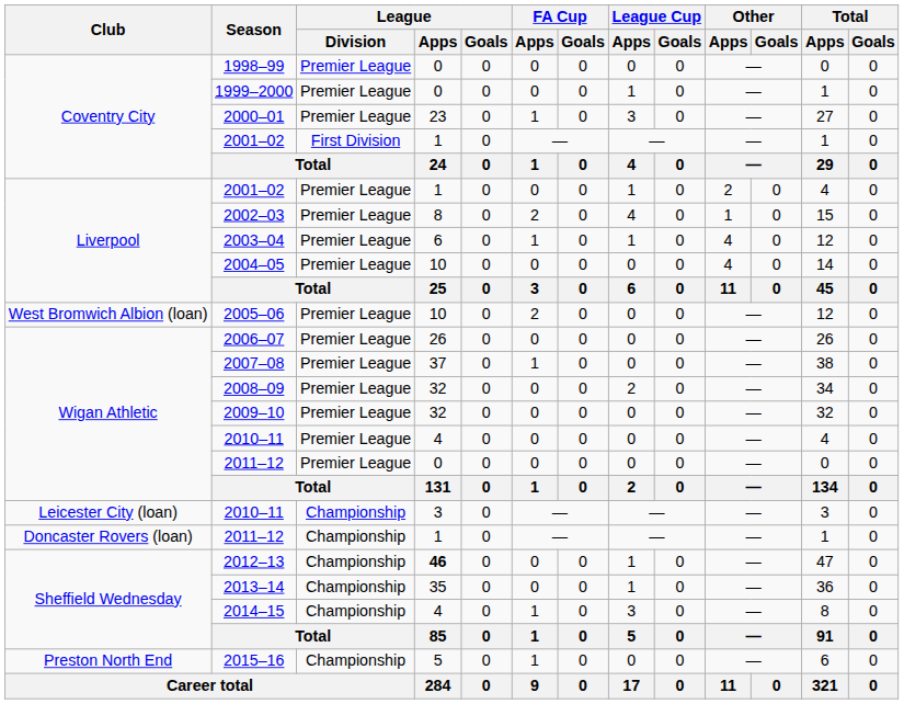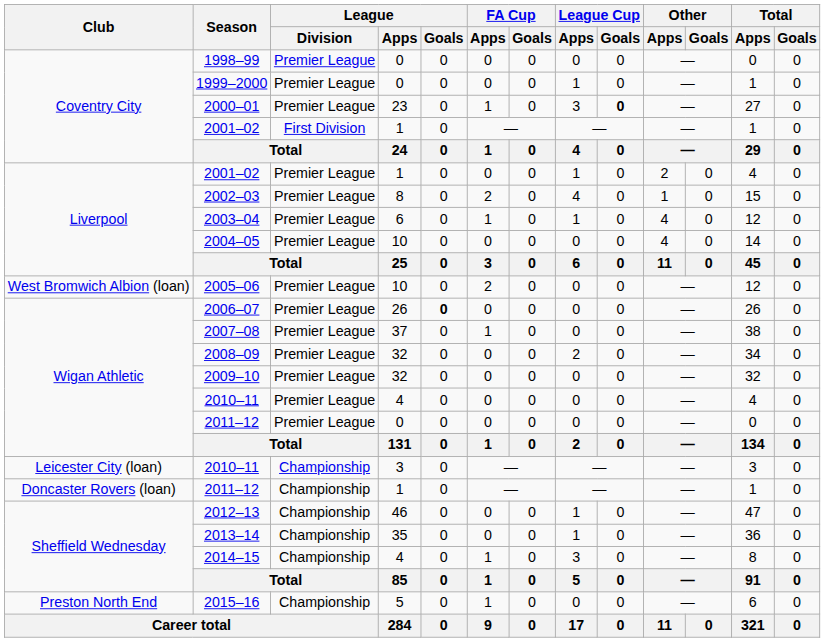 <table class=wikitable style="text-align: center;">
 <tr>
 <th rowspan=2>Club</th>
 <th rowspan=2>Season</th>
 <th colspan=3>League</th>
 <th colspan=2><a href='#'>FA Cup</a></th>
 <th colspan=2><a href='#'>League Cup</a></th>
 <th colspan=2>Other</th>
 <th colspan=2>Total</th>
 </tr>
 <tr>
 <th>Division</th>
 <th>Apps</th>
 <th>Goals</th>
 <th>Apps</th>
 <th>Goals</th>
 <th>Apps</th>
 <th>Goals</th>
 <th>Apps</th>
 <th>Goals</th>
 <th>Apps</th>
 <th>Goals</th>
 </tr>
 <tr>
 <td rowspan=5><a href='#'>Coventry City</a></td>
 <td><a href='#'>1998–99</a></td>
 <td><a href='#'>Premier League</a></td>
 <td>0</td>
 <td>0</td>
 <td>0</td>
 <td>0</td>
 <td>0</td>
 <td>0</td>
 <td colspan=2>—</td>
 <td>0</td>
 <td>0</td>
 </tr>
 <tr>
 <td><a href='#'>1999–2000</a></td>
 <td>Premier League</td>
 <td>0</td>
 <td>0</td>
 <td>0</td>
 <td>0</td>
 <td>1</td>
 <td>0</td>
 <td colspan=2>—</td>
 <td>1</td>
 <td>0</td>
 </tr>
 <tr>
 <td><a href='#'>2000–01</a></td>
 <td>Premier League</td>
 <td>23</td>
 <td>0</td>
 <td>1</td>
 <td>0</td>
 <td>3</td>
-<td>0</td>
+<td><strong>0</strong></td>
 <td colspan=2>—</td>
 <td>27</td>
 <td>0</td>
 </tr>
 <tr>
 <td><a href='#'>2001–02</a></td>
 <td><a href='#'>First Division</a></td>
 <td>1</td>
 <td>0</td>
 <td colspan=2>—</td>
 <td colspan=2>—</td>
 <td colspan=2>—</td>
 <td>1</td>
 <td>0</td>
 </tr>
 <tr>
 <th colspan=2>Total</th>
 <th>24</th>
 <th>0</th>
 <th>1</th>
 <th>0</th>
 <th>4</th>
 <th>0</th>
 <th colspan=2>—</th>
 <th>29</th>
 <th>0</th>
 </tr>
 <tr>
 <td rowspan=5><a href='#'>Liverpool</a></td>
 <td><a href='#'>2001–02</a></td>
 <td>Premier League</td>
 <td>1</td>
 <td>0</td>
 <td>0</td>
 <td>0</td>
 <td>1</td>
 <td>0</td>
 <td>2</td>
 <td>0</td>
 <td>4</td>
 <td>0</td>
 </tr>
 <tr>
 <td><a href='#'>2002–03</a></td>
 <td>Premier League</td>
 <td>8</td>
 <td>0</td>
 <td>2</td>
 <td>0</td>
 <td>4</td>
 <td>0</td>
 <td>1</td>
 <td>0</td>
 <td>15</td>
 <td>0</td>
 </tr>
 <tr>
 <td><a href='#'>2003–04</a></td>
 <td>Premier League</td>
 <td>6</td>
 <td>0</td>
 <td>1</td>
 <td>0</td>
 <td>1</td>
 <td>0</td>
 <td>4</td>
 <td>0</td>
 <td>12</td>
 <td>0</td>
 </tr>
 <tr>
 <td><a href='#'>2004–05</a></td>
 <td>Premier League</td>
 <td>10</td>
 <td>0</td>
 <td>0</td>
 <td>0</td>
 <td>0</td>
 <td>0</td>
 <td>4</td>
 <td>0</td>
 <td>14</td>
 <td>0</td>
 </tr>
 <tr>
 <th colspan=2>Total</th>
 <th>25</th>
 <th>0</th>
 <th>3</th>
 <th>0</th>
 <th>6</th>
 <th>0</th>
 <th>11</th>
 <th>0</th>
 <th>45</th>
 <th>0</th>
 </tr>
 <tr>
 <td><a href='#'>West Bromwich Albion</a> (loan)</td>
 <td><a href='#'>2005–06</a></td>
 <td>Premier League</td>
 <td>10</td>
 <td>0</td>
 <td>2</td>
 <td>0</td>
 <td>0</td>
 <td>0</td>
 <td colspan=2>—</td>
 <td>12</td>
 <td>0</td>
 </tr>
 <tr>
 <td rowspan=7><a href='#'>Wigan Athletic</a></td>
 <td><a href='#'>2006–07</a></td>
 <td>Premier League</td>
 <td>26</td>
-<td>0</td>
+<td><strong>0</strong></td>
 <td>0</td>
 <td>0</td>
 <td>0</td>
 <td>0</td>
 <td colspan=2>—</td>
 <td>26</td>
 <td>0</td>
 </tr>
 <tr>
 <td><a href='#'>2007–08</a></td>
 <td>Premier League</td>
 <td>37</td>
 <td>0</td>
 <td>1</td>
 <td>0</td>
 <td>0</td>
 <td>0</td>
 <td colspan=2>—</td>
 <td>38</td>
 <td>0</td>
 </tr>
 <tr>
 <td><a href='#'>2008–09</a></td>
 <td>Premier League</td>
 <td>32</td>
 <td>0</td>
 <td>0</td>
 <td>0</td>
 <td>2</td>
 <td>0</td>
 <td colspan=2>—</td>
 <td>34</td>
 <td>0</td>
 </tr>
 <tr>
 <td><a href='#'>2009–10</a></td>
 <td>Premier League</td>
 <td>32</td>
 <td>0</td>
 <td>0</td>
 <td>0</td>
 <td>0</td>
 <td>0</td>
 <td colspan=2>—</td>
 <td>32</td>
 <td>0</td>
 </tr>
 <tr>
 <td><a href='#'>2010–11</a></td>
 <td>Premier League</td>
 <td>4</td>
 <td>0</td>
 <td>0</td>
 <td>0</td>
 <td>0</td>
 <td>0</td>
 <td colspan=2>—</td>
 <td>4</td>
 <td>0</td>
 </tr>
 <tr>
 <td><a href='#'>2011–12</a></td>
 <td>Premier League</td>
 <td>0</td>
 <td>0</td>
 <td>0</td>
 <td>0</td>
 <td>0</td>
 <td>0</td>
 <td colspan=2>—</td>
 <td>0</td>
 <td>0</td>
 </tr>
 <tr>
 <th colspan=2>Total</th>
 <th>131</th>
 <th>0</th>
 <th>1</th>
 <th>0</th>
 <th>2</th>
 <th>0</th>
 <th colspan=2>—</th>
 <th>134</th>
 <th>0</th>
 </tr>
 <tr>
 <td><a href='#'>Leicester City</a> (loan)</td>
 <td><a href='#'>2010–11</a></td>
 <td><a href='#'>Championship</a></td>
 <td>3</td>
 <td>0</td>
 <td colspan=2>—</td>
 <td colspan=2>—</td>
 <td colspan=2>—</td>
 <td>3</td>
 <td>0</td>
 </tr>
 <tr>
 <td><a href='#'>Doncaster Rovers</a> (loan)</td>
 <td><a href='#'>2011–12</a></td>
 <td>Championship</td>
 <td>1</td>
 <td>0</td>
 <td colspan=2>—</td>
 <td colspan=2>—</td>
 <td colspan=2>—</td>
 <td>1</td>
 <td>0</td>
 </tr>
 <tr>
 <td rowspan=4><a href='#'>Sheffield Wednesday</a></td>
 <td><a href='#'>2012–13</a></td>
 <td>Championship</td>
-<td><strong>46</strong></td>
+<td>46</td>
 <td>0</td>
 <td>0</td>
 <td>0</td>
 <td>1</td>
 <td>0</td>
 <td colspan=2>—</td>
 <td>47</td>
 <td>0</td>
 </tr>
 <tr>
 <td><a href='#'>2013–14</a></td>
 <td>Championship</td>
 <td>35</td>
 <td>0</td>
 <td>0</td>
 <td>0</td>
 <td>1</td>
 <td>0</td>
 <td colspan=2>—</td>
 <td>36</td>
 <td>0</td>
 </tr>
 <tr>
 <td><a href='#'>2014–15</a></td>
 <td>Championship</td>
 <td>4</td>
 <td>0</td>
 <td>1</td>
 <td>0</td>
 <td>3</td>
 <td>0</td>
 <td colspan=2>—</td>
 <td>8</td>
 <td>0</td>
 </tr>
 <tr>
 <th colspan=2>Total</th>
 <th>85</th>
 <th>0</th>
 <th>1</th>
 <th>0</th>
 <th>5</th>
 <th>0</th>
 <th colspan=2>—</th>
 <th>91</th>
 <th>0</th>
 </tr>
 <tr>
 <td><a href='#'>Preston North End</a></td>
 <td><a href='#'>2015–16</a></td>
 <td>Championship</td>
 <td>5</td>
 <td>0</td>
 <td>1</td>
 <td>0</td>
 <td>0</td>
 <td>0</td>
 <td colspan=2>—</td>
 <td>6</td>
 <td>0</td>
 </tr>
 <tr>
 <th colspan=3>Career total</th>
 <th>284</th>
 <th>0</th>
 <th>9</th>
 <th>0</th>
 <th>17</th>
 <th>0</th>
 <th>11</th>
 <th>0</th>
 <th>321</th>
 <th>0</th>
 </tr>
 </table>
